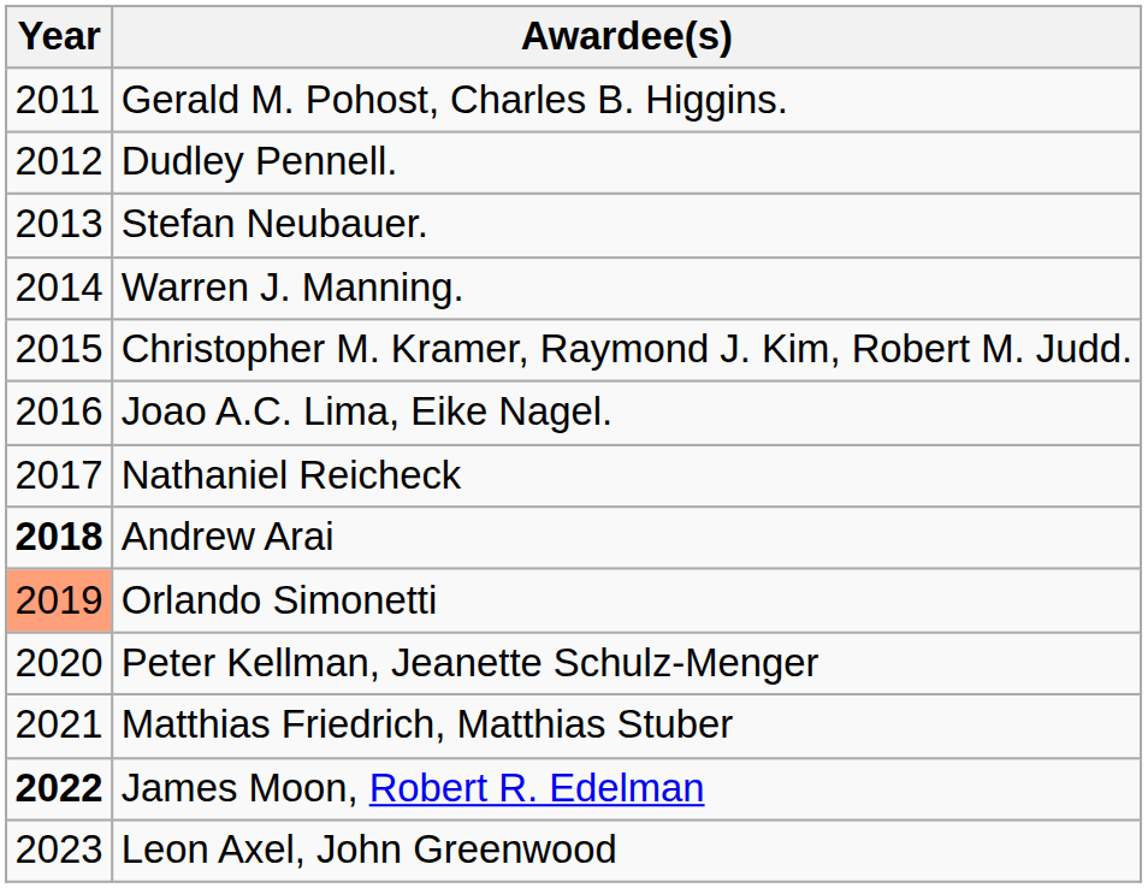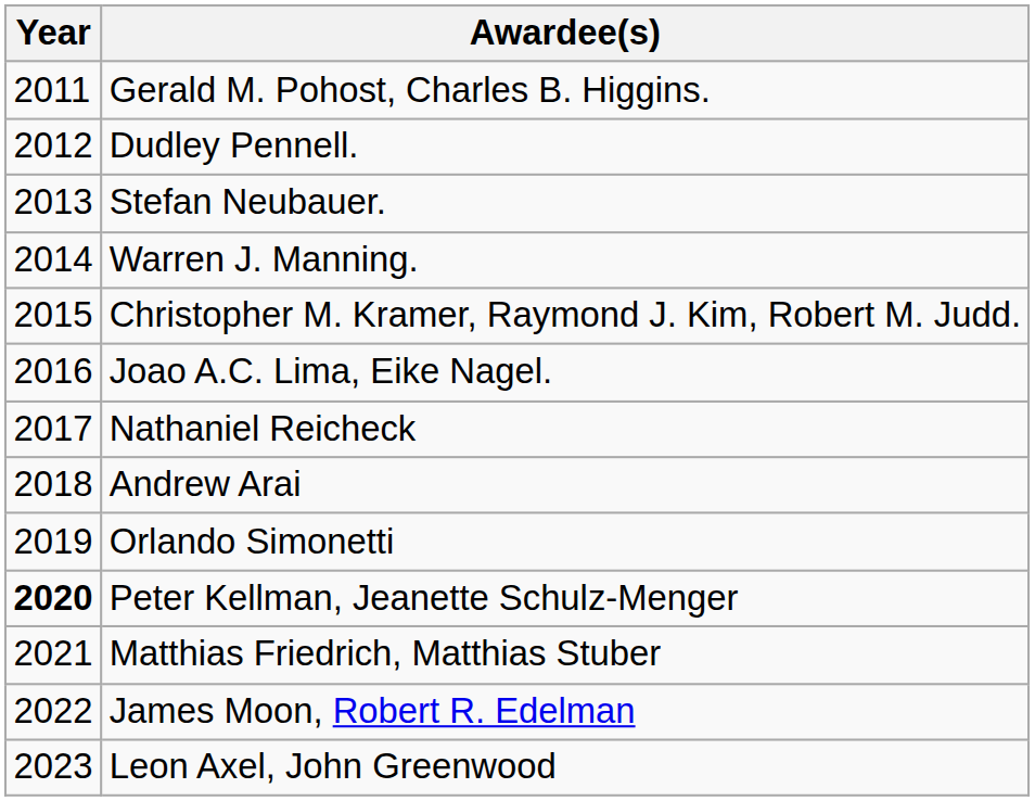 <table class="wikitable">
 <tr>
 <th>Year</th>
 <th>Awardee(s)</th>
 </tr>
 <tr>
 <td>2011</td>
 <td>Gerald M. Pohost, Charles B. Higgins.</td>
 </tr>
 <tr>
 <td>2012</td>
 <td>Dudley Pennell.</td>
 </tr>
 <tr>
 <td>2013</td>
 <td>Stefan Neubauer.</td>
 </tr>
 <tr>
 <td>2014</td>
 <td>Warren J. Manning.</td>
 </tr>
 <tr>
 <td>2015</td>
 <td>Christopher M. Kramer, Raymond J. Kim, Robert M. Judd.</td>
 </tr>
 <tr>
 <td>2016</td>
 <td>Joao A.C. Lima, Eike Nagel.</td>
 </tr>
 <tr>
 <td>2017</td>
 <td>Nathaniel Reicheck</td>
 </tr>
 <tr>
-<td><strong>2018</strong></td>
+<td>2018</td>
 <td>Andrew Arai</td>
 </tr>
 <tr>
-<td style="background: lightsalmon;">2019</td>
+<td>2019</td>
 <td>Orlando Simonetti</td>
 </tr>
 <tr>
-<td>2020</td>
+<td><strong>2020</strong></td>
 <td>Peter Kellman, Jeanette Schulz-Menger </td>
 </tr>
 <tr>
 <td>2021</td>
 <td>Matthias Friedrich, Matthias Stuber </td>
 </tr>
 <tr>
-<td><strong>2022</strong></td>
+<td>2022</td>
 <td>James Moon, <a href='#'>Robert R. Edelman</a></td>
 </tr>
 <tr>
 <td>2023</td>
 <td>Leon Axel, John Greenwood</td>
 </tr>
 </table>
